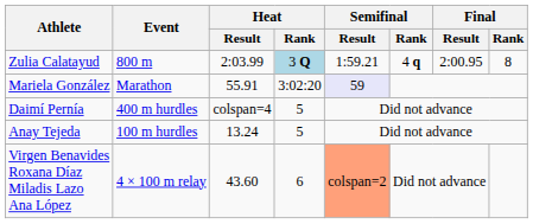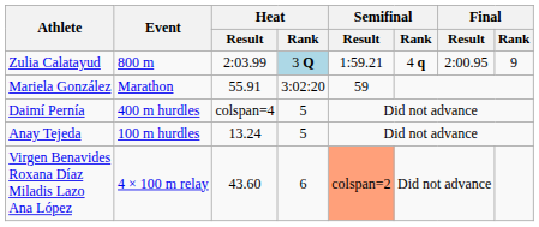 <table class=wikitable style="font-size:90%">
 <tr>
 <th rowspan="2">Athlete</th>
 <th rowspan="2">Event</th>
 <th colspan="2">Heat</th>
 <th colspan="2">Semifinal</th>
 <th colspan="2">Final</th>
 </tr>
 <tr style="font-size:95%">
 <th>Result</th>
 <th>Rank</th>
 <th>Result</th>
 <th>Rank</th>
 <th>Result</th>
 <th>Rank</th>
 </tr>
 <tr align=center>
 <td align=left><a href='#'>Zulia Calatayud</a></td>
 <td align=left><a href='#'>800 m</a></td>
 <td>2:03.99</td>
 <td style="background: lightblue;">3 <strong>Q</strong></td>
 <td>1:59.21</td>
 <td>4 <strong>q</strong></td>
 <td>2:00.95</td>
-<td>8</td>
+<td>9</td>
 </tr>
 <tr align=center>
 <td align=left><a href='#'>Mariela González</a></td>
 <td align=left><a href='#'>Marathon</a></td>
 <td>55.91</td>
 <td>3:02:20</td>
-<td style="background: lavender;">59</td>
+<td>59</td>
 </tr>
 <tr align=center>
 <td align=left><a href='#'>Daimí Pernía</a></td>
 <td align=left><a href='#'>400 m hurdles</a></td>
 <td>colspan=4 </td>
 <td>5</td>
 <td colspan=4>Did not advance</td>
 </tr>
 <tr align=center>
 <td align=left><a href='#'>Anay Tejeda</a></td>
 <td align=left><a href='#'>100 m hurdles</a></td>
 <td>13.24</td>
 <td>5</td>
 <td colspan=4>Did not advance</td>
 </tr>
 <tr align=center>
 <td align=left><a href='#'>Virgen Benavides</a><br><a href='#'>Roxana Díaz</a><br><a href='#'>Miladis Lazo</a><br><a href='#'>Ana López</a></td>
 <td align=left><a href='#'>4 × 100 m relay</a></td>
 <td>43.60</td>
 <td>6</td>
 <td style="background: lightsalmon;">colspan=2 </td>
 <td colspan=2>Did not advance</td>
 </tr>
 </table>
